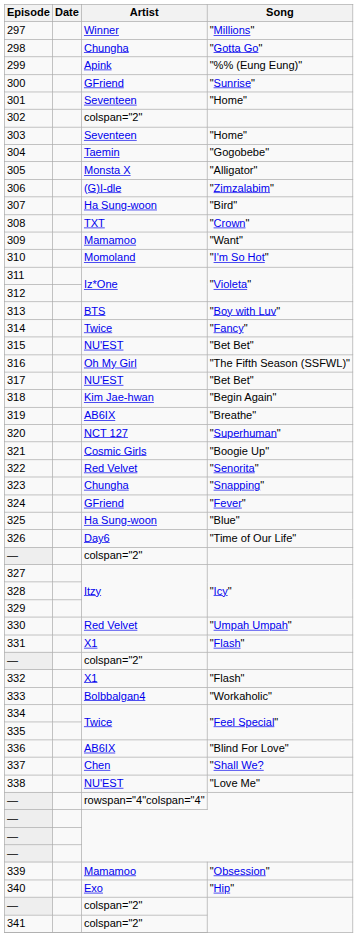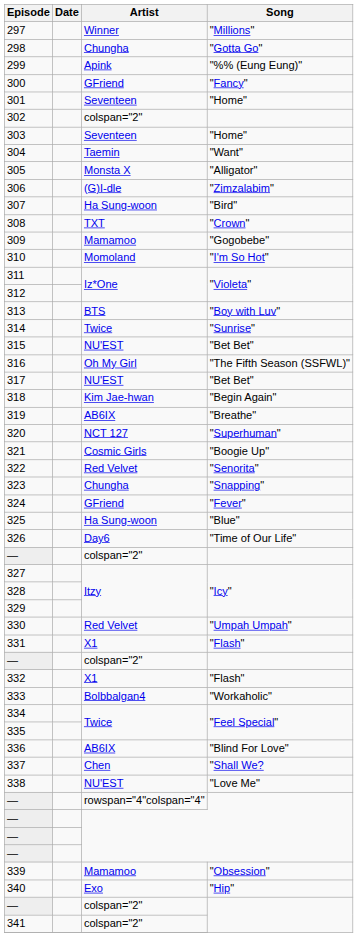 <table class="sortable wikitable">
 <tr>
 <th>Episode</th>
 <th>Date</th>
 <th>Artist</th>
 <th>Song</th>
 </tr>
 <tr>
 <td>297</td>
 <td></td>
 <td><a href='#'>Winner</a></td>
 <td>"<a href='#'>Millions</a>"</td>
 </tr>
 <tr>
 <td>298</td>
 <td></td>
 <td><a href='#'>Chungha</a></td>
 <td>"<a href='#'>Gotta Go</a>"</td>
 </tr>
 <tr>
 <td>299</td>
 <td></td>
 <td><a href='#'>Apink</a></td>
 <td>"%% (Eung Eung)"</td>
 </tr>
 <tr>
 <td>300</td>
 <td></td>
 <td><a href='#'>GFriend</a></td>
-<td>"<a href='#'>Sunrise</a>"</td>
+<td>"<a href='#'>Fancy</a>"</td>
 </tr>
 <tr>
 <td>301</td>
 <td></td>
 <td rowspan="1"><a href='#'>Seventeen</a></td>
 <td rowspan="1">"Home"</td>
 </tr>
 <tr>
 <td>302</td>
 <td></td>
 <td>colspan="2" </td>
 </tr>
 <tr>
 <td>303</td>
 <td></td>
 <td rowspan="1"><a href='#'>Seventeen</a></td>
 <td rowspan="1">"Home"</td>
 </tr>
 <tr>
 <td>304</td>
 <td></td>
 <td><a href='#'>Taemin</a></td>
-<td>"Gogobebe"</td>
+<td>"Want"</td>
 </tr>
 <tr>
 <td>305</td>
 <td></td>
 <td><a href='#'>Monsta X</a></td>
 <td>"Alligator"</td>
 </tr>
 <tr>
 <td>306</td>
 <td></td>
 <td><a href='#'>(G)I-dle</a></td>
 <td>"<a href='#'>Zimzalabim</a>"</td>
 </tr>
 <tr>
 <td>307</td>
 <td></td>
 <td><a href='#'>Ha Sung-woon</a></td>
 <td>"Bird"</td>
 </tr>
 <tr>
 <td>308</td>
 <td></td>
 <td><a href='#'>TXT</a></td>
 <td>"<a href='#'>Crown</a>"</td>
 </tr>
 <tr>
 <td>309</td>
 <td></td>
 <td><a href='#'>Mamamoo</a></td>
-<td>"Want"</td>
+<td>"Gogobebe"</td>
 </tr>
 <tr>
 <td>310</td>
 <td></td>
 <td><a href='#'>Momoland</a></td>
 <td>"<a href='#'>I'm So Hot</a>"</td>
 </tr>
 <tr>
 <td>311</td>
 <td></td>
 <td rowspan="2"><a href='#'>Iz*One</a></td>
 <td rowspan="2">"<a href='#'>Violeta</a>"</td>
 </tr>
 <tr>
 <td>312</td>
 <td></td>
 </tr>
 <tr>
 <td>313</td>
 <td></td>
 <td><a href='#'>BTS</a></td>
 <td>"<a href='#'>Boy with Luv</a>"</td>
 </tr>
 <tr>
 <td>314</td>
 <td></td>
 <td><a href='#'>Twice</a></td>
-<td>"<a href='#'>Fancy</a>"</td>
+<td>"<a href='#'>Sunrise</a>"</td>
 </tr>
 <tr>
 <td>315</td>
 <td></td>
 <td><a href='#'>NU'EST</a></td>
 <td>"Bet Bet"</td>
 </tr>
 <tr>
 <td>316</td>
 <td></td>
 <td><a href='#'>Oh My Girl</a></td>
 <td>"The Fifth Season (SSFWL)"</td>
 </tr>
 <tr>
 <td>317</td>
 <td></td>
 <td><a href='#'>NU'EST</a></td>
 <td>"Bet Bet"</td>
 </tr>
 <tr>
 <td>318</td>
 <td></td>
 <td><a href='#'>Kim Jae-hwan</a></td>
 <td>"Begin Again"</td>
 </tr>
 <tr>
 <td>319</td>
 <td></td>
 <td><a href='#'>AB6IX</a></td>
 <td>"Breathe"</td>
 </tr>
 <tr>
 <td>320</td>
 <td></td>
 <td><a href='#'>NCT 127</a></td>
 <td>"<a href='#'>Superhuman</a>"</td>
 </tr>
 <tr>
 <td>321</td>
 <td></td>
 <td><a href='#'>Cosmic Girls</a></td>
 <td>"Boogie Up"</td>
 </tr>
 <tr>
 <td>322</td>
 <td></td>
 <td><a href='#'>Red Velvet</a></td>
 <td>"<a href='#'>Senorita</a>"</td>
 </tr>
 <tr>
 <td>323</td>
 <td></td>
 <td><a href='#'>Chungha</a></td>
 <td>"<a href='#'>Snapping</a>"</td>
 </tr>
 <tr>
 <td>324</td>
 <td></td>
 <td><a href='#'>GFriend</a></td>
 <td>"<a href='#'>Fever</a>"</td>
 </tr>
 <tr>
 <td>325</td>
 <td></td>
 <td><a href='#'>Ha Sung-woon</a></td>
 <td>"Blue"</td>
 </tr>
 <tr>
 <td>326</td>
 <td></td>
 <td><a href='#'>Day6</a></td>
 <td>"Time of Our Life"</td>
 </tr>
 <tr>
 <td style="background:#eee;">—</td>
 <td></td>
 <td>colspan="2" </td>
 </tr>
 <tr>
 <td>327</td>
 <td></td>
 <td rowspan="3"><a href='#'>Itzy</a></td>
 <td rowspan="3">"<a href='#'>Icy</a>"</td>
 </tr>
 <tr>
 <td>328</td>
 <td></td>
 </tr>
 <tr>
 <td>329</td>
 <td></td>
 </tr>
 <tr>
 <td>330</td>
 <td></td>
 <td><a href='#'>Red Velvet</a></td>
 <td>"<a href='#'>Umpah Umpah</a>"</td>
 </tr>
 <tr>
 <td>331</td>
 <td></td>
 <td rowspan="1"><a href='#'>X1</a></td>
 <td rowspan="1">"<a href='#'>Flash</a>"</td>
 </tr>
 <tr>
 <td style="background:#eee;">—</td>
 <td></td>
 <td>colspan="2" </td>
 </tr>
 <tr>
 <td>332</td>
 <td></td>
 <td rowspan="1"><a href='#'>X1</a></td>
 <td rowspan="1">"Flash"</td>
 </tr>
 <tr>
 <td>333</td>
 <td></td>
 <td><a href='#'>Bolbbalgan4</a></td>
 <td>"Workaholic"</td>
 </tr>
 <tr>
 <td>334</td>
 <td></td>
 <td rowspan="2"><a href='#'>Twice</a></td>
 <td rowspan="2">"<a href='#'>Feel Special</a>"</td>
 </tr>
 <tr>
 <td>335</td>
 <td></td>
 </tr>
 <tr>
 <td>336</td>
 <td></td>
 <td><a href='#'>AB6IX</a></td>
 <td>"Blind For Love"</td>
 </tr>
 <tr>
 <td>337</td>
 <td></td>
 <td><a href='#'>Chen</a></td>
 <td>"<a href='#'>Shall We?</a></td>
 </tr>
 <tr>
 <td>338</td>
 <td></td>
 <td><a href='#'>NU'EST</a></td>
 <td>"Love Me"</td>
 </tr>
 <tr>
 <td style="background:#eee;">—</td>
 <td></td>
 <td>rowspan="4"colspan="4" </td>
 </tr>
 <tr>
 <td style="background:#eee;">—</td>
 <td></td>
 </tr>
 <tr>
 <td style="background:#eee;">—</td>
 <td></td>
 </tr>
 <tr>
 <td style="background:#eee;">—</td>
 <td></td>
 </tr>
 <tr>
 <td>339</td>
 <td></td>
 <td rowspan="1"><a href='#'>Mamamoo</a></td>
 <td>"<a href='#'>Obsession</a>"</td>
 </tr>
 <tr>
 <td>340</td>
 <td></td>
 <td><a href='#'>Exo</a></td>
 <td rowspan="1">"<a href='#'>Hip</a>"</td>
 </tr>
 <tr>
 <td style="background:#eee;">—</td>
 <td></td>
 <td>colspan="2" </td>
 </tr>
 <tr>
 <td>341</td>
 <td></td>
 <td>colspan="2" </td>
 </tr>
 <tr>
 </tr>
 </table>
